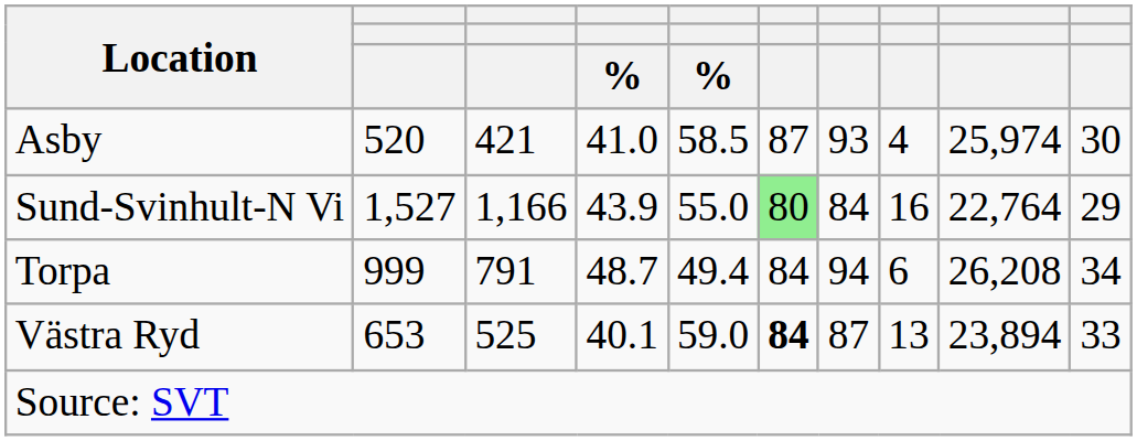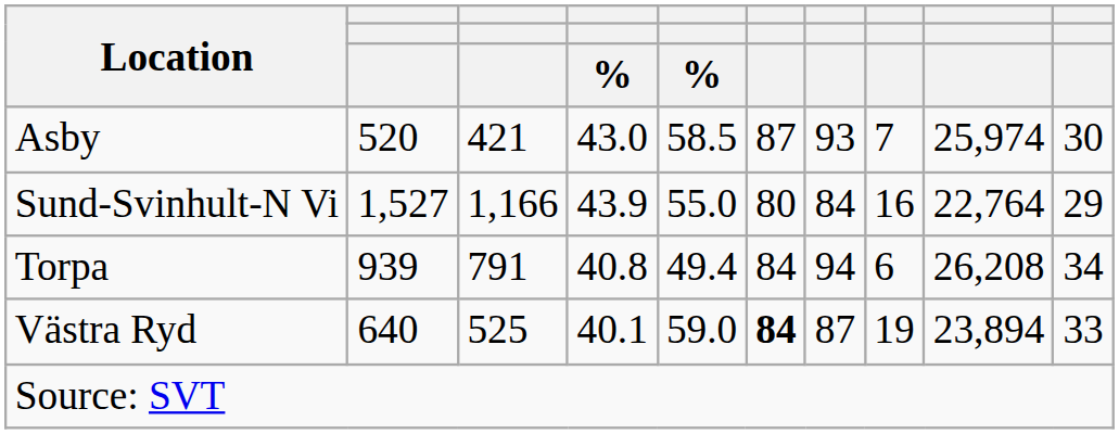 <table role="presentation" class="wikitable sortable mw-collapsible">
 <tr>
 <th rowspan="3">Location</th>
 <th></th>
 <th></th>
 <th></th>
 <th></th>
 <th></th>
 <th></th>
 <th></th>
 <th></th>
 <th></th>
 </tr>
 <tr>
 <th></th>
 <th></th>
 <th style="background:"></th>
 <th style="background:"></th>
 <th></th>
 <th></th>
 <th></th>
 <th></th>
 <th></th>
 </tr>
 <tr>
 <th data-sort-type="number"></th>
 <th data-sort-type="number"></th>
 <th data-sort-type="number">%</th>
 <th data-sort-type="number">%</th>
 <th data-sort-type="number"></th>
 <th data-sort-type="number"></th>
 <th data-sort-type="number"></th>
 <th data-sort-type="number"></th>
 <th data-sort-type="number"></th>
 </tr>
 <tr>
 <td align="left">Asby</td>
 <td>520</td>
 <td>421</td>
-<td>41.0</td>
+<td>43.0</td>
 <td>58.5</td>
 <td>87</td>
 <td>93</td>
-<td>4</td>
+<td>7</td>
 <td>25,974</td>
 <td>30</td>
 </tr>
 <tr>
 <td align="left">Sund-Svinhult-N Vi</td>
 <td>1,527</td>
 <td>1,166</td>
 <td>43.9</td>
 <td>55.0</td>
-<td style="background: lightgreen;">80</td>
+<td>80</td>
 <td>84</td>
 <td>16</td>
 <td>22,764</td>
 <td>29</td>
 </tr>
 <tr>
 <td align="left">Torpa</td>
-<td>999</td>
+<td>939</td>
 <td>791</td>
-<td>48.7</td>
+<td>40.8</td>
 <td>49.4</td>
 <td>84</td>
 <td>94</td>
 <td>6</td>
 <td>26,208</td>
 <td>34</td>
 </tr>
 <tr>
 <td align="left">Västra Ryd</td>
-<td>653</td>
+<td>640</td>
 <td>525</td>
 <td>40.1</td>
 <td>59.0</td>
 <td><strong>84</strong></td>
 <td>87</td>
-<td>13</td>
+<td>19</td>
 <td>23,894</td>
 <td>33</td>
 </tr>
 <tr>
 <td colspan="10" align="left">Source: <a href='#'>SVT</a></td>
 </tr>
 </table>
